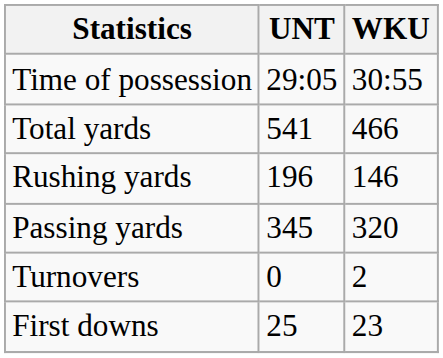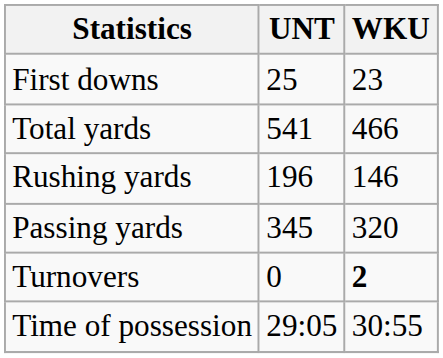 <table class="wikitable">
 <tr>
 <th>Statistics</th>
 <th>UNT</th>
 <th>WKU</th>
 </tr>
 <tr>
-<td>Time of possession</td>
-<td>29:05</td>
-<td>30:55</td>
+<td>First downs</td>
+<td>25</td>
+<td>23</td>
 </tr>
 <tr>
 <td>Total yards</td>
 <td>541</td>
 <td>466</td>
 </tr>
 <tr>
 <td>Rushing yards</td>
 <td>196</td>
 <td>146</td>
 </tr>
 <tr>
 <td>Passing yards</td>
 <td>345</td>
 <td>320</td>
 </tr>
 <tr>
 <td>Turnovers</td>
 <td>0</td>
-<td>2</td>
+<td><strong>2</strong></td>
 </tr>
 <tr>
-<td>First downs</td>
-<td>25</td>
-<td>23</td>
+<td>Time of possession</td>
+<td>29:05</td>
+<td>30:55</td>
 </tr>
 <tr>
 </tr>
 </table>
